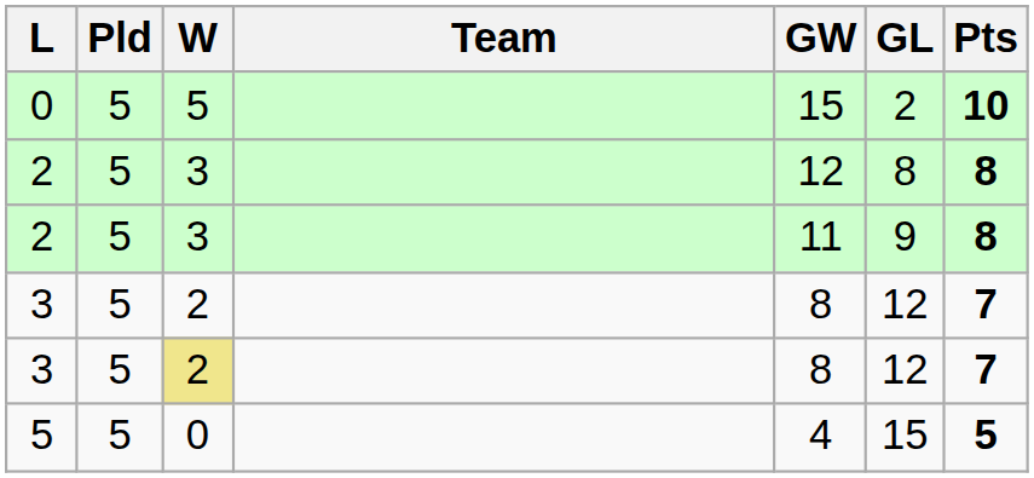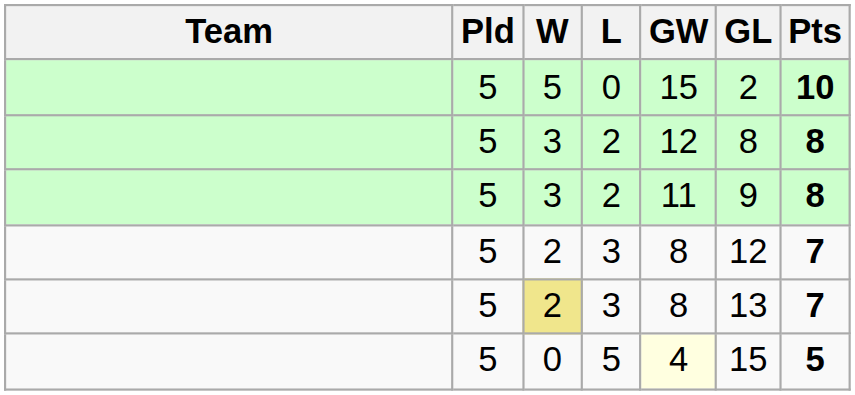 <table class="wikitable" style="text-align:center">
 <tr>
-<th width=20>L</th>
+<th width=200>Team</th>
 <th width=20>Pld</th>
 <th width=20>W</th>
-<th width=200>Team</th>
+<th width=20>L</th>
 <th width=20>GW</th>
 <th width=20>GL</th>
 <th width=20>Pts</th>
 </tr>
 <tr bgcolor=ccffcc>
-<td>0</td>
+<td style="text-align:left;"></td>
 <td>5</td>
 <td>5</td>
-<td style="text-align:left;"></td>
+<td>0</td>
 <td>15</td>
 <td>2</td>
 <td><strong>10</strong></td>
 </tr>
 <tr bgcolor=ccffcc>
-<td>2</td>
+<td style="text-align:left;"></td>
 <td>5</td>
 <td>3</td>
-<td style="text-align:left;"></td>
+<td>2</td>
 <td>12</td>
 <td>8</td>
 <td><strong>8</strong></td>
 </tr>
 <tr bgcolor=ccffcc>
-<td>2</td>
+<td style="text-align:left;"></td>
 <td>5</td>
 <td>3</td>
-<td style="text-align:left;"></td>
+<td>2</td>
 <td>11</td>
 <td>9</td>
 <td><strong>8</strong></td>
 </tr>
 <tr>
-<td>3</td>
+<td style="text-align:left;"></td>
 <td>5</td>
 <td>2</td>
-<td style="text-align:left;"></td>
+<td>3</td>
 <td>8</td>
 <td>12</td>
 <td><strong>7</strong></td>
 </tr>
 <tr>
-<td>3</td>
+<td style="text-align:left;"></td>
 <td>5</td>
 <td style="background: khaki;">2</td>
-<td style="text-align:left;"></td>
+<td>3</td>
 <td>8</td>
-<td>12</td>
+<td>13</td>
 <td><strong>7</strong></td>
 </tr>
 <tr>
-<td>5</td>
+<td style="text-align:left;"></td>
 <td>5</td>
 <td>0</td>
-<td style="text-align:left;"></td>
-<td>4</td>
+<td>5</td>
+<td style="background: lightyellow;">4</td>
 <td>15</td>
 <td><strong>5</strong></td>
 </tr>
 </table>
